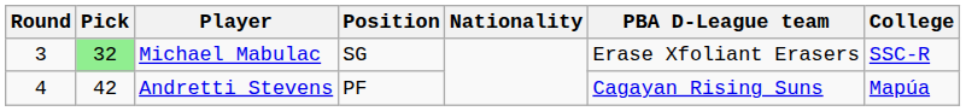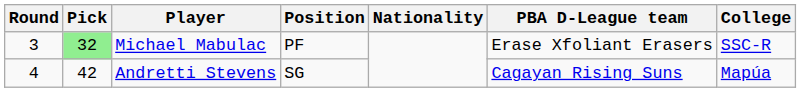 <table class="wikitable sortable sortable">
 <tr>
 <th>Round</th>
 <th>Pick</th>
 <th>Player</th>
 <th>Position</th>
 <th>Nationality</th>
 <th>PBA D-League team</th>
 <th>College</th>
 </tr>
 <tr>
 <td align=center>3</td>
 <td align=center style="background: lightgreen;">32</td>
 <td><a href='#'>Michael Mabulac</a></td>
-<td>SG</td>
+<td>PF</td>
 <td rowspan=2></td>
 <td>Erase Xfoliant Erasers</td>
 <td><a href='#'>SSC-R</a></td>
 </tr>
 <tr>
 <td align=center>4</td>
 <td align=center>42</td>
 <td><a href='#'>Andretti Stevens</a></td>
-<td>PF</td>
+<td>SG</td>
 <td><a href='#'>Cagayan Rising Suns</a></td>
 <td><a href='#'>Mapúa</a></td>
 </tr>
 </table>
